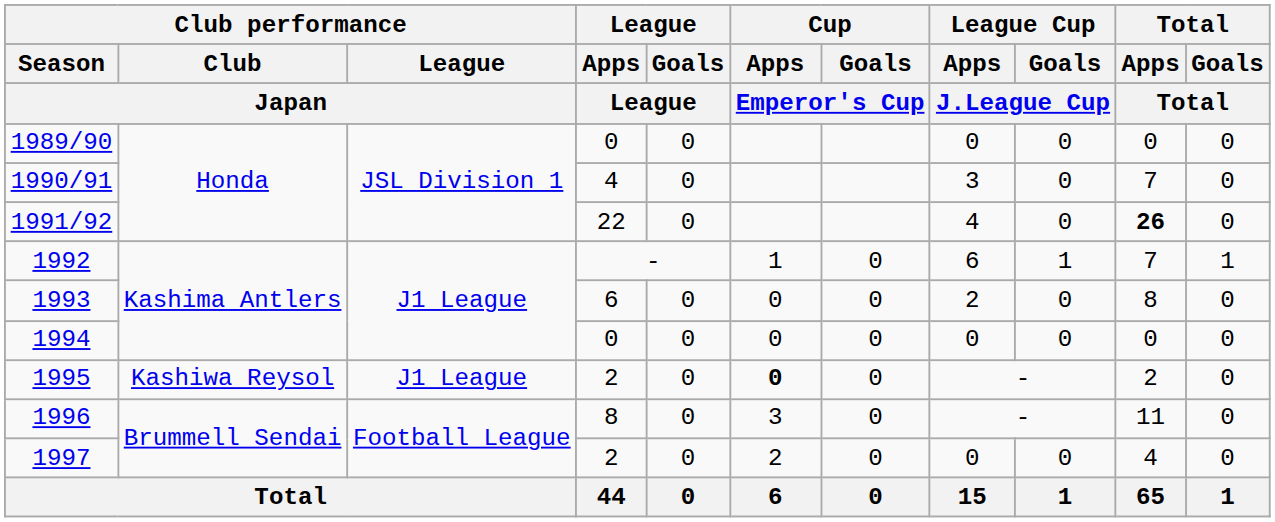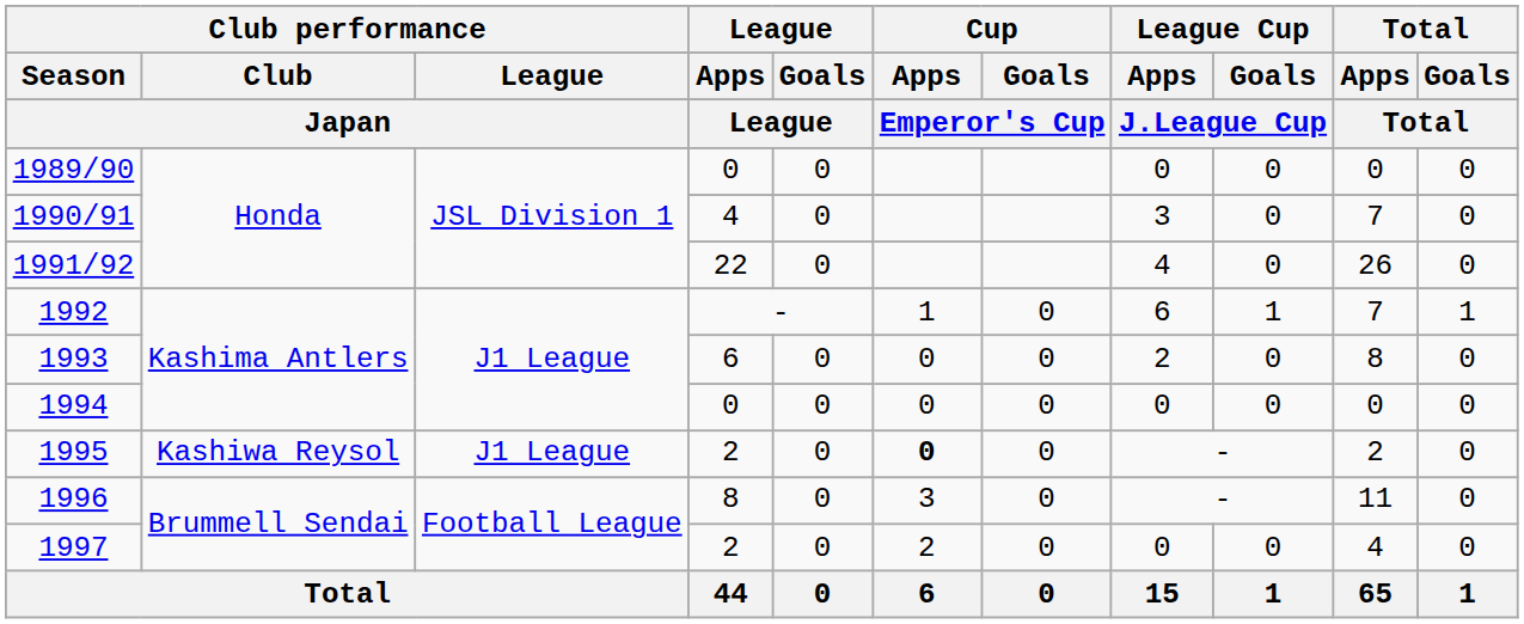 <table class="wikitable" style="text-align:center;">
 <tr>
 <th colspan=3>Club performance</th>
 <th colspan=2>League</th>
 <th colspan=2>Cup</th>
 <th colspan=2>League Cup</th>
 <th colspan=2>Total</th>
 </tr>
 <tr>
 <th>Season</th>
 <th>Club</th>
 <th>League</th>
 <th>Apps</th>
 <th>Goals</th>
 <th>Apps</th>
 <th>Goals</th>
 <th>Apps</th>
 <th>Goals</th>
 <th>Apps</th>
 <th>Goals</th>
 </tr>
 <tr>
 <th colspan=3>Japan</th>
 <th colspan=2>League</th>
 <th colspan=2><a href='#'>Emperor's Cup</a></th>
 <th colspan=2><a href='#'>J.League Cup</a></th>
 <th colspan=2>Total</th>
 </tr>
 <tr>
 <td><a href='#'>1989/90</a></td>
 <td rowspan="3"><a href='#'>Honda</a></td>
 <td rowspan="3"><a href='#'>JSL Division 1</a></td>
 <td>0</td>
 <td>0</td>
 <td></td>
 <td></td>
 <td>0</td>
 <td>0</td>
 <td>0</td>
 <td>0</td>
 </tr>
 <tr>
 <td><a href='#'>1990/91</a></td>
 <td>4</td>
 <td>0</td>
 <td></td>
 <td></td>
 <td>3</td>
 <td>0</td>
 <td>7</td>
 <td>0</td>
 </tr>
 <tr>
 <td><a href='#'>1991/92</a></td>
 <td>22</td>
 <td>0</td>
 <td></td>
 <td></td>
 <td>4</td>
 <td>0</td>
-<td><strong>26</strong></td>
+<td>26</td>
 <td>0</td>
 </tr>
 <tr>
 <td><a href='#'>1992</a></td>
 <td rowspan="3"><a href='#'>Kashima Antlers</a></td>
 <td rowspan="3"><a href='#'>J1 League</a></td>
 <td colspan="2">-</td>
 <td>1</td>
 <td>0</td>
 <td>6</td>
 <td>1</td>
 <td>7</td>
 <td>1</td>
 </tr>
 <tr>
 <td><a href='#'>1993</a></td>
 <td>6</td>
 <td>0</td>
 <td>0</td>
 <td>0</td>
 <td>2</td>
 <td>0</td>
 <td>8</td>
 <td>0</td>
 </tr>
 <tr>
 <td><a href='#'>1994</a></td>
 <td>0</td>
 <td>0</td>
 <td>0</td>
 <td>0</td>
 <td>0</td>
 <td>0</td>
 <td>0</td>
 <td>0</td>
 </tr>
 <tr>
 <td><a href='#'>1995</a></td>
 <td><a href='#'>Kashiwa Reysol</a></td>
 <td><a href='#'>J1 League</a></td>
 <td>2</td>
 <td>0</td>
 <td><strong>0</strong></td>
 <td>0</td>
 <td colspan="2">-</td>
 <td>2</td>
 <td>0</td>
 </tr>
 <tr>
 <td><a href='#'>1996</a></td>
 <td rowspan="2"><a href='#'>Brummell Sendai</a></td>
 <td rowspan="2"><a href='#'>Football League</a></td>
 <td>8</td>
 <td>0</td>
 <td>3</td>
 <td>0</td>
 <td colspan="2">-</td>
 <td>11</td>
 <td>0</td>
 </tr>
 <tr>
 <td><a href='#'>1997</a></td>
 <td>2</td>
 <td>0</td>
 <td>2</td>
 <td>0</td>
 <td>0</td>
 <td>0</td>
 <td>4</td>
 <td>0</td>
 </tr>
 <tr>
 <th colspan=3>Total</th>
 <th>44</th>
 <th>0</th>
 <th>6</th>
 <th>0</th>
 <th>15</th>
 <th>1</th>
 <th>65</th>
 <th>1</th>
 </tr>
 </table>
